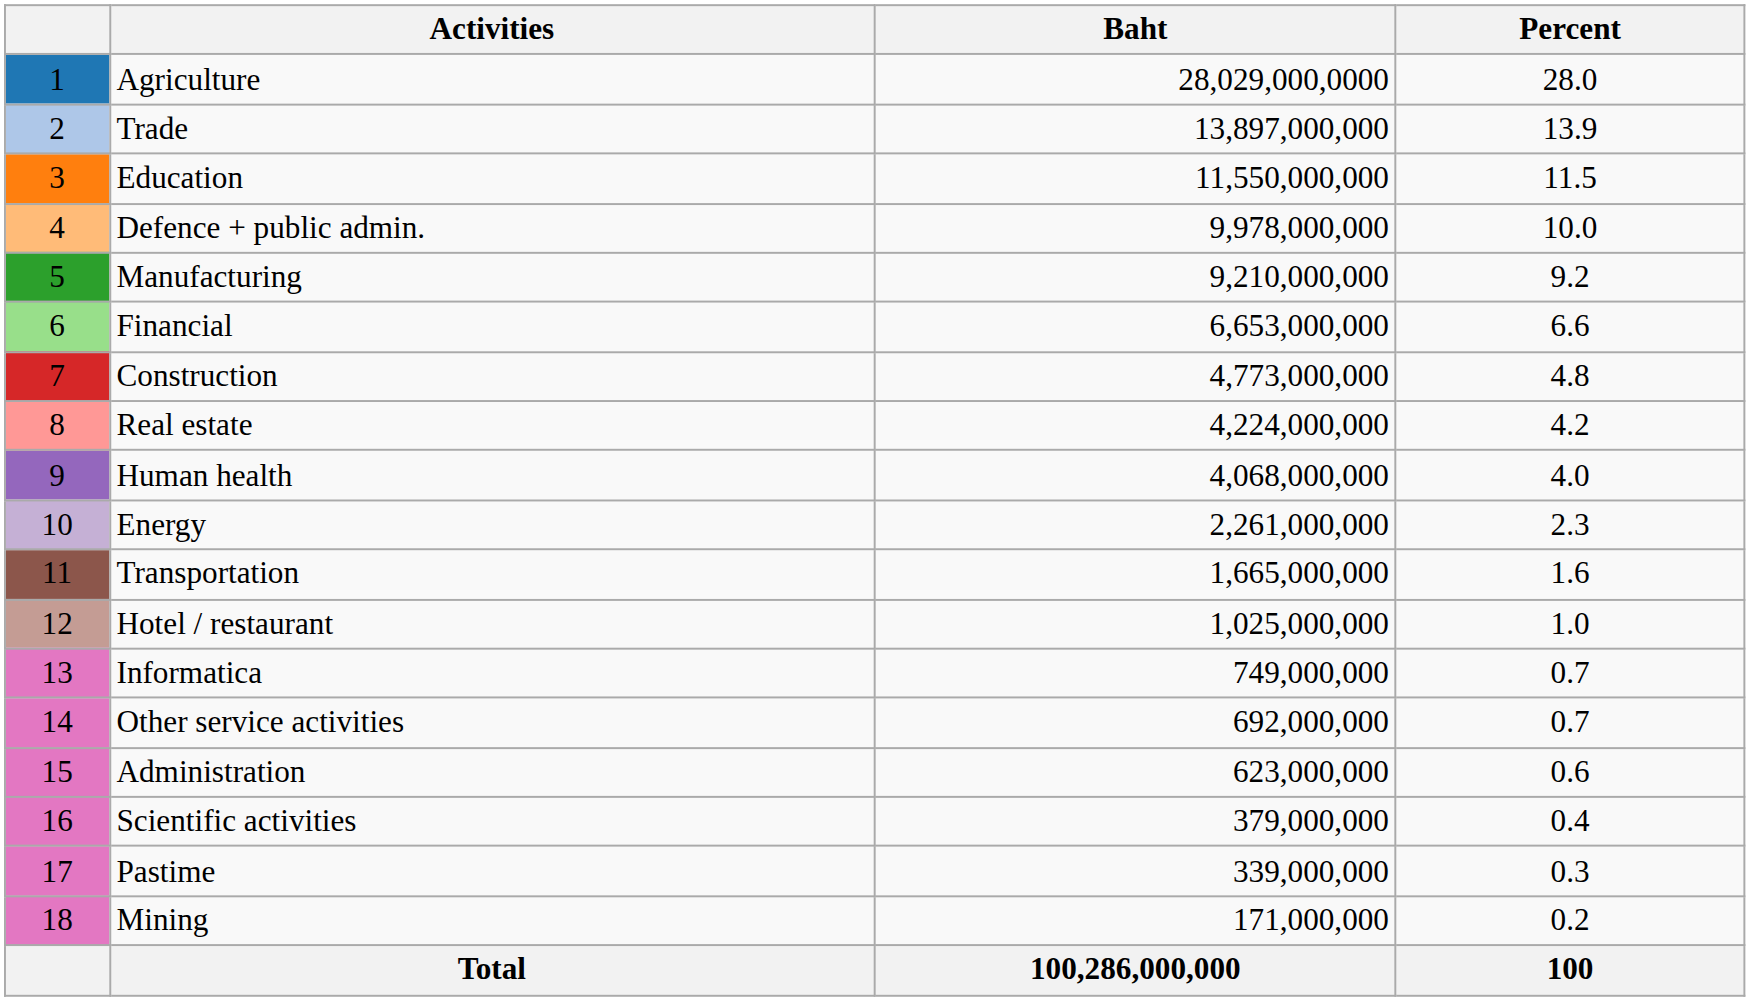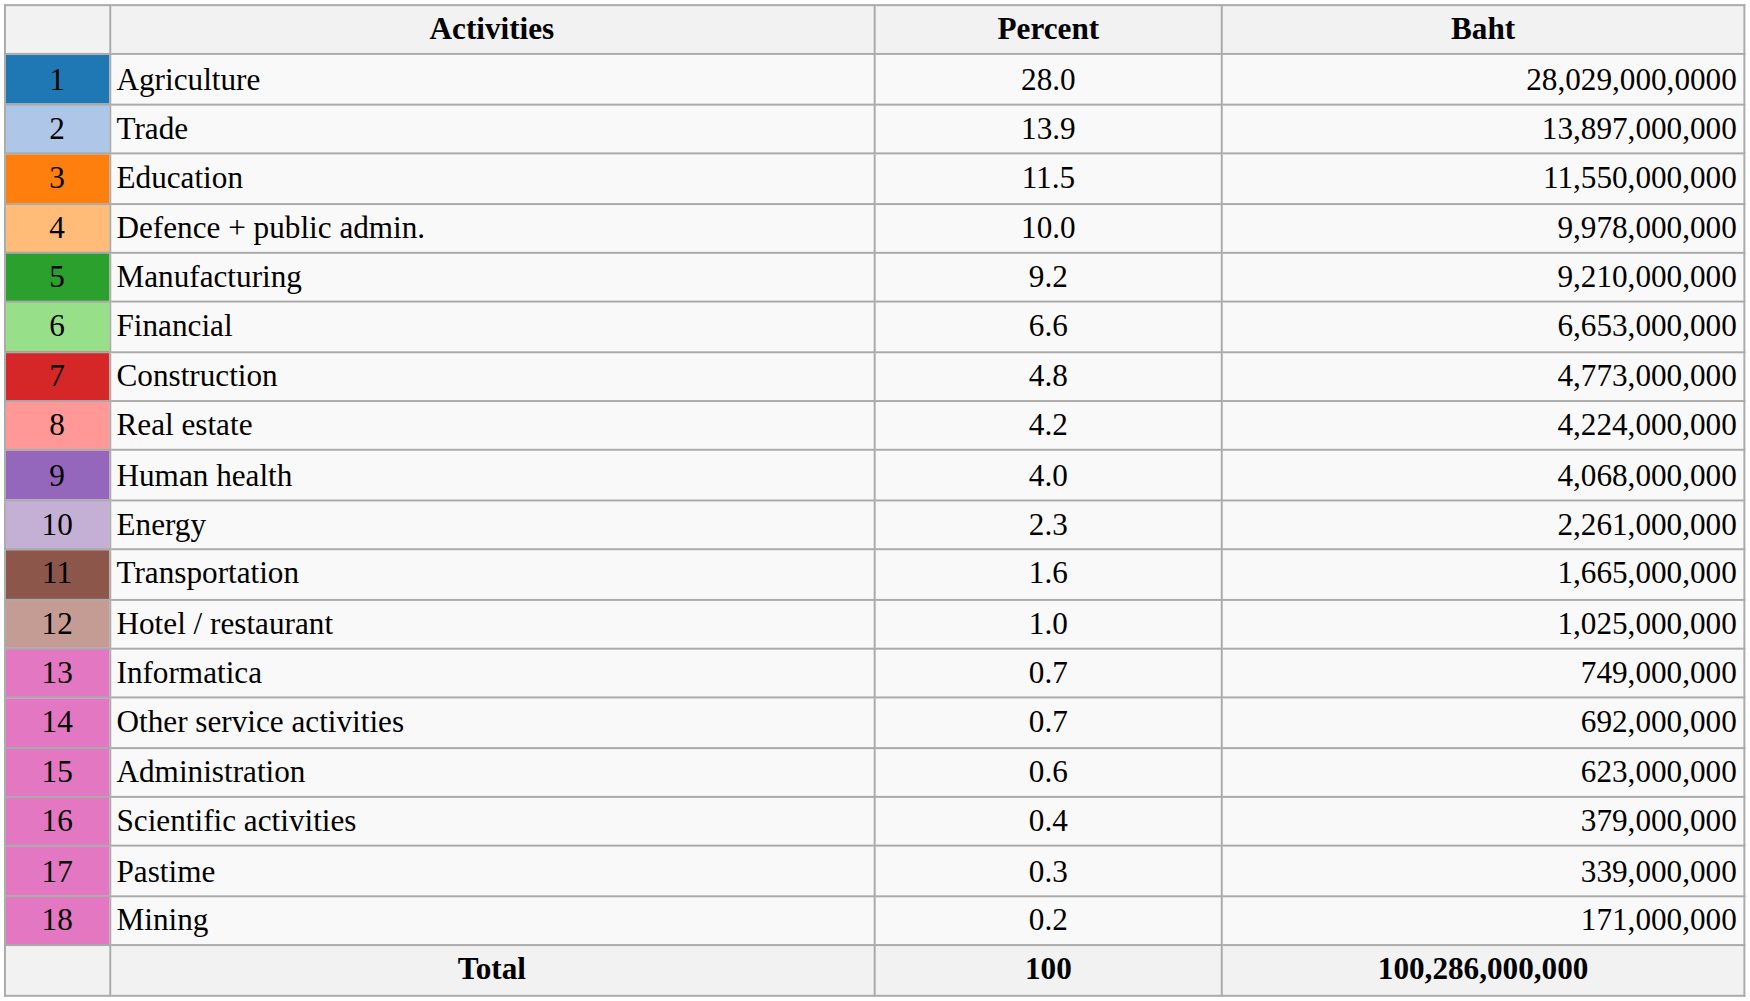 <table class="wikitable" style="width:45%; display:inline-table;">
 <tr>
 <th style="width:6%;"> </th>
 <th style="width:44%;">Activities</th>
+<th style="width:20%;">Percent</th>
 <th style="width:30%;">Baht</th>
-<th style="width:20%;">Percent</th>
 </tr>
 <tr>
 <td style="text-align:center; background:#1f77b4;">1</td>
 <td>Agriculture</td>
+<td style="text-align:center;">28.0</td>
 <td style="text-align:right;">28,029,000,0000</td>
-<td style="text-align:center;">28.0</td>
 </tr>
 <tr>
 <td style="text-align:center; background:#aec7e8;">2</td>
 <td>Trade</td>
+<td style="text-align:center;">13.9</td>
 <td style="text-align:right;">13,897,000,000</td>
-<td style="text-align:center;">13.9</td>
 </tr>
 <tr>
 <td style="text-align:center; background:#ff7f0e;">3</td>
 <td>Education</td>
+<td style="text-align:center;">11.5</td>
 <td style="text-align:right;">11,550,000,000</td>
-<td style="text-align:center;">11.5</td>
 </tr>
 <tr>
 <td style="text-align:center; background:#ffbb78;">4</td>
 <td>Defence + public admin.</td>
+<td style="text-align:center;">10.0</td>
 <td style="text-align:right;">9,978,000,000</td>
-<td style="text-align:center;">10.0</td>
 </tr>
 <tr>
 <td style="text-align:center; background:#2ca02c;">5</td>
 <td>Manufacturing</td>
+<td style="text-align:center;">9.2</td>
 <td style="text-align:right;">9,210,000,000</td>
-<td style="text-align:center;">9.2</td>
 </tr>
 <tr>
 <td style="text-align:center; background:#98df8a;">6</td>
 <td>Financial</td>
+<td style="text-align:center;">6.6</td>
 <td style="text-align:right;">6,653,000,000</td>
-<td style="text-align:center;">6.6</td>
 </tr>
 <tr>
 <td style="text-align:center; background:#d62728;">7</td>
 <td>Construction</td>
+<td style="text-align:center;">4.8</td>
 <td style="text-align:right;">4,773,000,000</td>
-<td style="text-align:center;">4.8</td>
 </tr>
 <tr>
 <td style="text-align:center; background:#ff9896;">8</td>
 <td>Real estate</td>
+<td style="text-align:center;">4.2</td>
 <td style="text-align:right;">4,224,000,000</td>
-<td style="text-align:center;">4.2</td>
 </tr>
 <tr>
 <td style="text-align:center; background:#9467bd;">9</td>
 <td>Human health</td>
+<td style="text-align:center;">4.0</td>
 <td style="text-align:right;">4,068,000,000</td>
-<td style="text-align:center;">4.0</td>
 </tr>
 <tr>
 <td style="text-align:center; background:#c5b0d5;">10</td>
 <td>Energy</td>
+<td style="text-align:center;">2.3</td>
 <td style="text-align:right;">2,261,000,000</td>
-<td style="text-align:center;">2.3</td>
 </tr>
 <tr>
 <td style="text-align:center; background:#8c564b;">11</td>
 <td>Transportation</td>
+<td style="text-align:center;">1.6</td>
 <td style="text-align:right;">1,665,000,000</td>
-<td style="text-align:center;">1.6</td>
 </tr>
 <tr>
 <td style="text-align:center; background:#c49c94;">12</td>
 <td>Hotel / restaurant</td>
+<td style="text-align:center;">1.0</td>
 <td style="text-align:right;">1,025,000,000</td>
-<td style="text-align:center;">1.0</td>
 </tr>
 <tr>
 <td style="text-align:center;background:#e377c2;">13</td>
 <td>Informatica</td>
+<td style="text-align:center;">0.7</td>
 <td style="text-align:right;">749,000,000</td>
-<td style="text-align:center;">0.7</td>
 </tr>
 <tr>
 <td style="text-align:center; background:#e377c2;">14</td>
 <td>Other service activities</td>
+<td style="text-align:center;">0.7</td>
 <td style="text-align:right;">692,000,000</td>
-<td style="text-align:center;">0.7</td>
 </tr>
 <tr>
 <td style="text-align:center; background:#e377c2;">15</td>
 <td>Administration</td>
+<td style="text-align:center;">0.6</td>
 <td style="text-align:right;">623,000,000</td>
-<td style="text-align:center;">0.6</td>
 </tr>
 <tr>
 <td style="text-align:center; background:#e377c2;">16</td>
 <td>Scientific activities</td>
+<td style="text-align:center;">0.4</td>
 <td style="text-align:right;">379,000,000</td>
-<td style="text-align:center;">0.4</td>
 </tr>
 <tr>
 <td style="text-align:center; background:#e377c2;">17</td>
 <td>Pastime</td>
+<td style="text-align:center;">0.3</td>
 <td style="text-align:right;">339,000,000</td>
-<td style="text-align:center;">0.3</td>
 </tr>
 <tr>
 <td style="text-align:center; background:#e377c2;">18</td>
 <td>Mining</td>
+<td style="text-align:center;">0.2</td>
 <td style="text-align:right;">171,000,000</td>
-<td style="text-align:center;">0.2</td>
 </tr>
 <tr>
 <th> </th>
 <th>Total</th>
+<th>100</th>
 <th>100,286,000,000</th>
-<th>100</th>
 </tr>
 </table>
